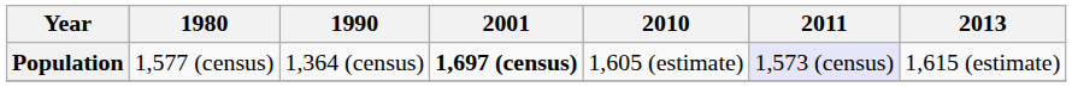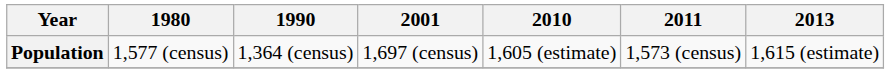 <table class="wikitable" style="margin-left:auto; margin-right:auto; text-align:center;">
 <tr>
 <th>Year</th>
 <th>1980</th>
 <th>1990</th>
 <th>2001</th>
 <th>2010</th>
 <th>2011</th>
 <th>2013</th>
 </tr>
 <tr>
 <th>Population</th>
 <td>1,577 (census)</td>
 <td>1,364 (census)</td>
-<td><strong>1,697 (census)</strong></td>
+<td>1,697 (census)</td>
 <td>1,605 (estimate)</td>
-<td style="background: lavender;">1,573 (census)</td>
+<td>1,573 (census)</td>
 <td>1,615 (estimate)</td>
 </tr>
 <tr>
 </tr>
 </table>
